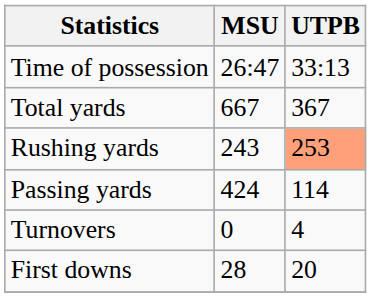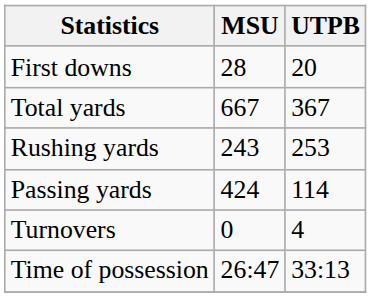 <table class="wikitable" style="float: left;">
 <tr>
 <th>Statistics</th>
 <th>MSU</th>
 <th>UTPB</th>
 </tr>
 <tr>
-<td>Time of possession</td>
-<td>26:47</td>
-<td>33:13</td>
+<td>First downs</td>
+<td>28</td>
+<td>20</td>
 </tr>
 <tr>
 <td>Total yards</td>
 <td>667</td>
 <td>367</td>
 </tr>
 <tr>
 <td>Rushing yards</td>
 <td>243</td>
-<td style="background: lightsalmon;">253</td>
+<td>253</td>
 </tr>
 <tr>
 <td>Passing yards</td>
 <td>424</td>
 <td>114</td>
 </tr>
 <tr>
 <td>Turnovers</td>
 <td>0</td>
 <td>4</td>
 </tr>
 <tr>
-<td>First downs</td>
-<td>28</td>
-<td>20</td>
+<td>Time of possession</td>
+<td>26:47</td>
+<td>33:13</td>
 </tr>
 <tr>
 </tr>
 </table>
